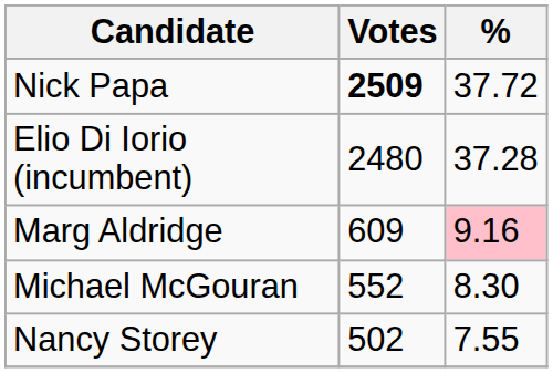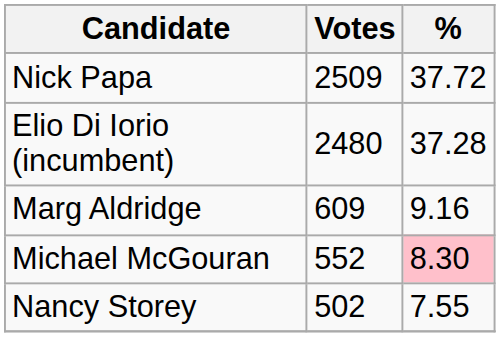 <table class="wikitable">
 <tr>
 <th bgcolor="#DDDDFF" width="150px">Candidate</th>
 <th bgcolor="#DDDDFF">Votes</th>
 <th bgcolor="#DDDDFF">%</th>
 </tr>
 <tr>
 <td>Nick Papa</td>
-<td><strong>2509</strong></td>
+<td>2509</td>
 <td>37.72</td>
 </tr>
 <tr>
 <td>Elio Di Iorio (incumbent)</td>
 <td>2480</td>
 <td>37.28</td>
 </tr>
 <tr>
 <td>Marg Aldridge</td>
 <td>609</td>
-<td style="background: pink;">9.16</td>
+<td>9.16</td>
 </tr>
 <tr>
 <td>Michael McGouran</td>
 <td>552</td>
-<td>8.30</td>
+<td style="background: pink;">8.30</td>
 </tr>
 <tr>
 <td>Nancy Storey</td>
 <td>502</td>
 <td>7.55</td>
 </tr>
 <tr>
 </tr>
 </table>
